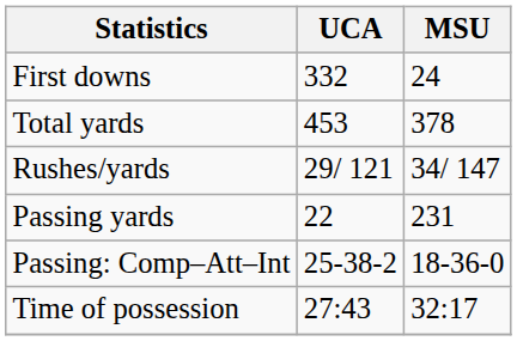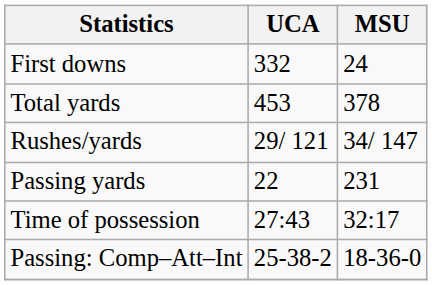 <table class="wikitable" style="float: left;">
 <tr>
 <th>Statistics</th>
 <th>UCA</th>
 <th>MSU</th>
 </tr>
 <tr>
 <td>First downs</td>
 <td>332</td>
 <td>24</td>
 </tr>
 <tr>
 <td>Total yards</td>
 <td>453</td>
 <td>378</td>
 </tr>
 <tr>
 <td>Rushes/yards</td>
 <td>29/ 121</td>
 <td>34/ 147</td>
 </tr>
 <tr>
 <td>Passing yards</td>
 <td>22</td>
 <td>231</td>
 </tr>
 <tr>
+<td>Time of possession</td>
+<td>27:43</td>
+<td>32:17</td>
+</tr>
+<tr>
 <td>Passing: Comp–Att–Int</td>
 <td>25-38-2</td>
 <td>18-36-0</td>
 </tr>
 <tr>
-<td>Time of possession</td>
-<td>27:43</td>
-<td>32:17</td>
-</tr>
-<tr>
 </tr>
 </table>
